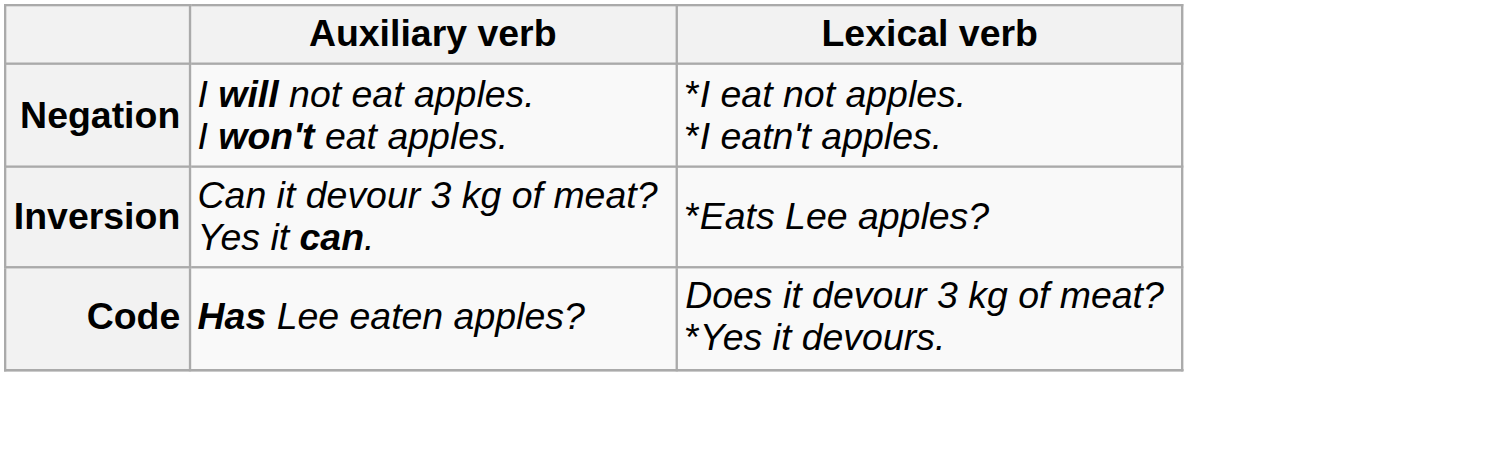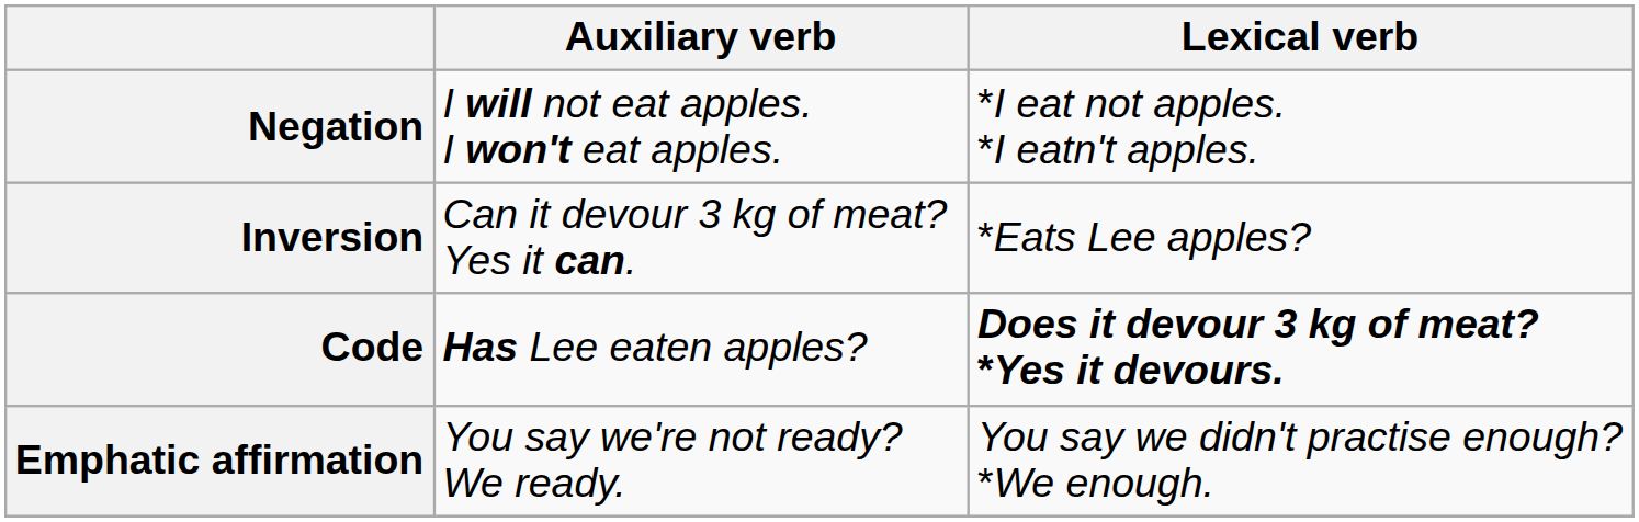 <table class="wikitable">
 <tr>
 <th></th>
 <th>Auxiliary verb</th>
 <th>Lexical verb</th>
 </tr>
 <tr>
 <th style="text-align:right;">Negation</th>
 <td><em>I <strong>will</strong> not eat apples.</em> <br><em>I <strong>won't</strong> eat apples.</em></td>
 <td>*<em>I eat not apples.</em><br>*<em>I eatn't apples.</em></td>
 </tr>
 <tr>
 <th style="text-align:right;">Inversion</th>
 <td><em>Can it devour 3 kg of meat?</em> <br><em>Yes it <strong>can</strong>.</em></td>
 <td>*<em>Eats Lee apples?</em></td>
 </tr>
 <tr>
 <th style="text-align:right;">Code</th>
 <td><em><strong>Has</strong> Lee eaten apples?</em></td>
-<td><em>Does it devour 3 kg of meat?</em> <br>*<em>Yes it devours.</em></td>
+<td><strong><em>Does it devour 3 kg of meat?</em> <br>*<em>Yes it devours.</em></strong></td>
+</tr>
+<tr>
+<th style="text-align:right;">Emphatic affirmation</th>
+<td><em>You say we're not ready?<br>We <strong></strong> ready.</em></td>
+<td><em>You say we didn't practise enough?</em><br>*<em>We  enough.</em></td>
 </tr>
 <tr>
 </tr>
 </table>
